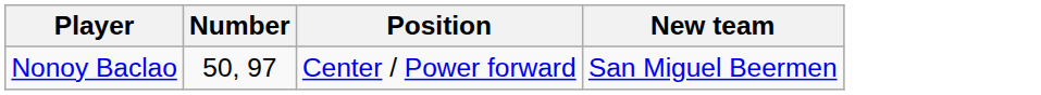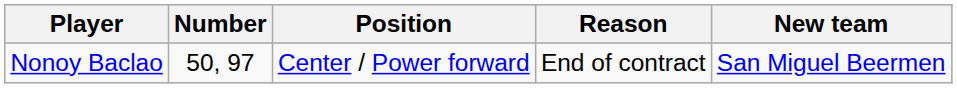 <table class="wikitable sortable sortable">
 <tr>
 <th>Player</th>
 <th>Number</th>
 <th>Position</th>
+<th>Reason</th>
 <th>New team</th>
 </tr>
 <tr style="text-align: center">
 <td><a href='#'>Nonoy Baclao</a></td>
 <td>50, 97</td>
 <td><a href='#'>Center</a> / <a href='#'>Power forward</a></td>
+<td>End of contract</td>
 <td><a href='#'>San Miguel Beermen</a></td>
 </tr>
 </table>
